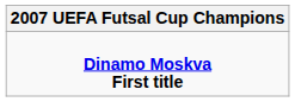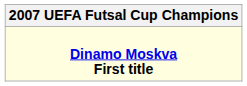 <table class=wikitable style="text-align:center; margin:auto">
 <tr>
 <th>2007 UEFA Futsal Cup Champions</th>
 </tr>
 <tr>
-<td><br> <strong><a href='#'>Dinamo Moskva</a></strong> <br> <strong>First title</strong></td>
+<td style="background: lightyellow;"><br> <strong><a href='#'>Dinamo Moskva</a></strong> <br> <strong>First title</strong></td>
 </tr>
 </table>
